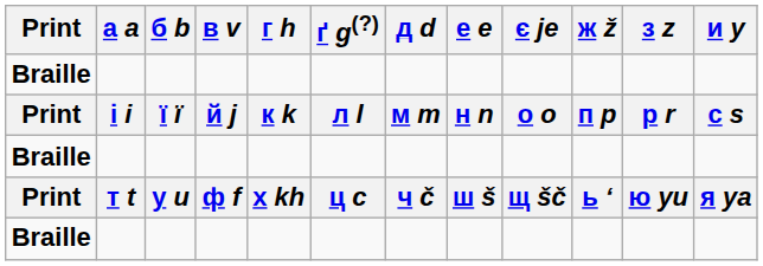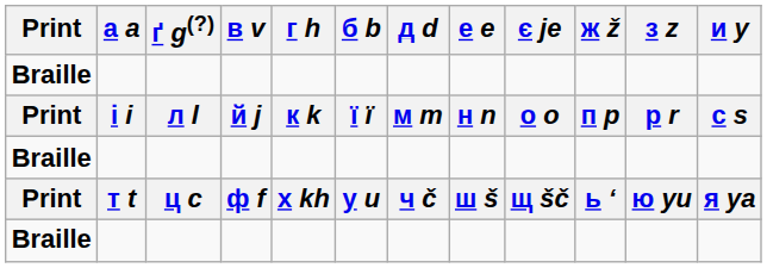 <table class="wikitable" style="text-align:center">
 <tr>
 <th><strong>Print</strong></th>
 <th><a href='#'>а</a> <em>a </em></th>
-<th><a href='#'>б</a> <em>b</em></th>
+<th><a href='#'>ґ</a> <em>g</em><sup>(?)</sup></th>
 <th><a href='#'>в</a> <em>v</em></th>
 <th><a href='#'>г</a> <em>h</em></th>
-<th><a href='#'>ґ</a> <em>g</em><sup>(?)</sup></th>
+<th><a href='#'>б</a> <em>b</em></th>
 <th><a href='#'>д</a> <em>d</em></th>
 <th><a href='#'>е</a> <em>e</em></th>
 <th><a href='#'>є</a> <em>je</em></th>
 <th><a href='#'>ж</a> <em>ž</em></th>
 <th><a href='#'>з</a> <em>z</em></th>
 <th><a href='#'>и</a> <em>y</em></th>
 </tr>
 <tr>
 <td><strong>Braille</strong></td>
 <td></td>
 <td></td>
 <td></td>
 <td></td>
 <td></td>
 <td></td>
 <td></td>
 <td></td>
 <td></td>
 <td></td>
 <td></td>
 </tr>
 <tr>
 <th><strong>Print</strong></th>
 <th><a href='#'>і</a> <em>i</em></th>
-<th><a href='#'>ї</a> <em>ï</em></th>
+<th><a href='#'>л</a> <em>l</em></th>
 <th><a href='#'>й</a> <em>j</em></th>
 <th><a href='#'>к</a> <em>k</em></th>
-<th><a href='#'>л</a> <em>l</em></th>
+<th><a href='#'>ї</a> <em>ï</em></th>
 <th><a href='#'>м</a> <em>m</em></th>
 <th><a href='#'>н</a> <em>n</em></th>
 <th><a href='#'>о</a> <em>o</em></th>
 <th><a href='#'>п</a> <em>p</em></th>
 <th><a href='#'>р</a> <em>r</em></th>
 <th><a href='#'>с</a> <em>s</em></th>
 </tr>
 <tr>
 <td><strong>Braille</strong></td>
 <td></td>
 <td></td>
 <td></td>
 <td></td>
 <td></td>
 <td></td>
 <td></td>
 <td></td>
 <td></td>
 <td></td>
 <td></td>
 </tr>
 <tr>
 <th><strong>Print</strong></th>
 <th><a href='#'>т</a> <em>t</em></th>
-<th><a href='#'>у</a> <em>u</em></th>
+<th><a href='#'>ц</a> <em>c</em></th>
 <th><a href='#'>ф</a> <em>f</em></th>
 <th><a href='#'>х</a> <em>kh</em></th>
-<th><a href='#'>ц</a> <em>c</em></th>
+<th><a href='#'>у</a> <em>u</em></th>
 <th><a href='#'>ч</a> <em>č</em></th>
 <th><a href='#'>ш</a> <em>š</em></th>
 <th><a href='#'>щ</a> <em>šč</em></th>
 <th><a href='#'>ь</a> <em>‘</em></th>
 <th><a href='#'>ю</a> <em>yu</em></th>
 <th><a href='#'>я</a> <em>ya</em></th>
 </tr>
 <tr>
 <td><strong>Braille</strong></td>
 <td></td>
 <td></td>
 <td></td>
 <td></td>
 <td></td>
 <td></td>
 <td></td>
 <td></td>
 <td></td>
 <td></td>
 <td></td>
 </tr>
 </table>
